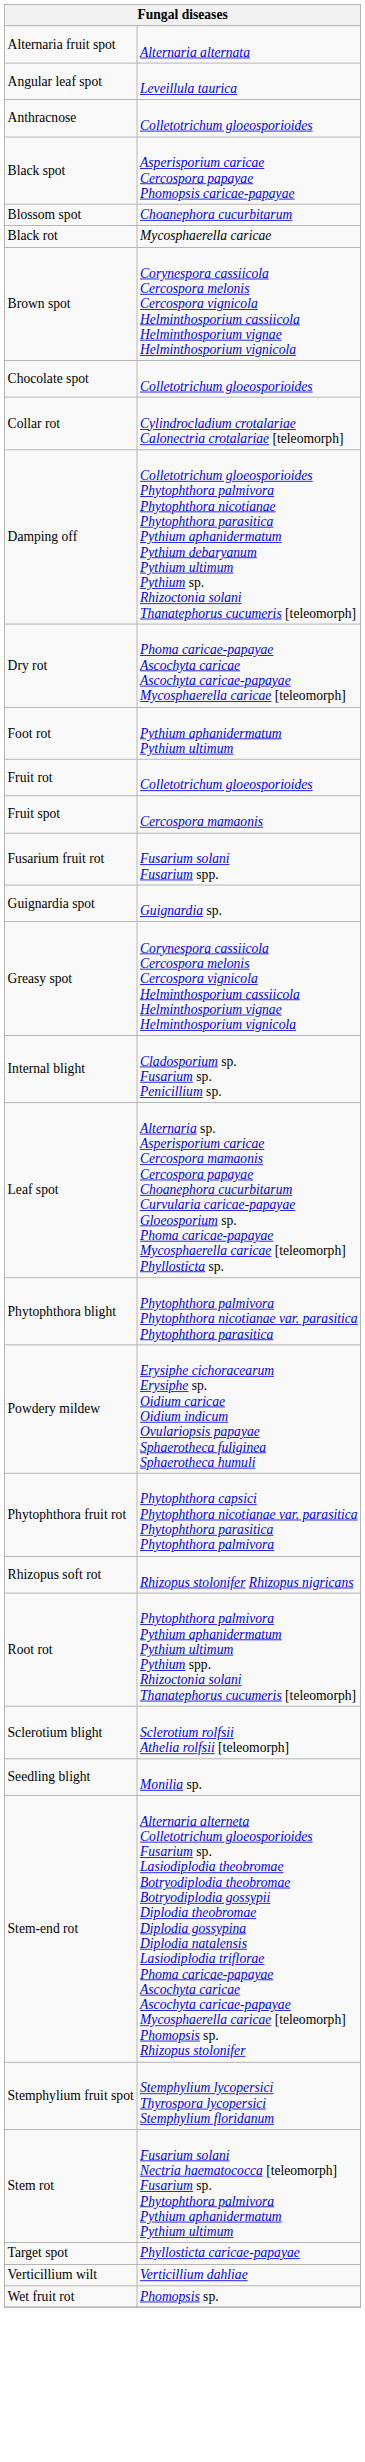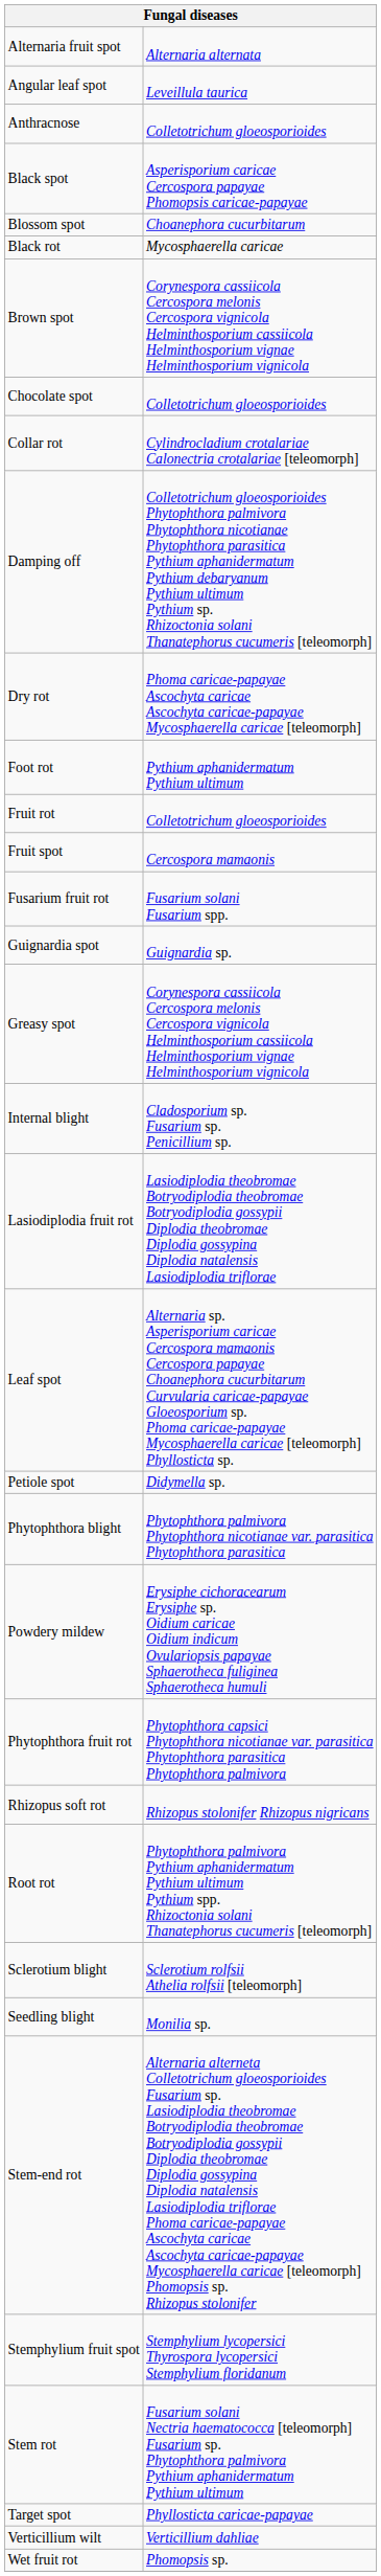 <table class="wikitable" style="clear">
 <tr>
 <th colspan=2><strong>Fungal diseases</strong><br></th>
 </tr>
 <tr>
 <td>Alternaria fruit spot</td>
 <td><br><em><a href='#'>Alternaria alternata</a></em></td>
 </tr>
 <tr>
 <td>Angular leaf spot</td>
 <td><br><em><a href='#'>Leveillula taurica</a></em></td>
 </tr>
 <tr>
 <td>Anthracnose</td>
 <td><br><em><a href='#'>Colletotrichum gloeosporioides</a></em></td>
 </tr>
 <tr>
 <td>Black spot</td>
 <td><br><em><a href='#'>Asperisporium caricae</a></em><br> <em><a href='#'>Cercospora papayae</a></em><br> <em><a href='#'>Phomopsis caricae-papayae</a></em></td>
 </tr>
 <tr>
 <td>Blossom spot</td>
 <td><em><a href='#'>Choanephora cucurbitarum</a></em></td>
 </tr>
 <tr>
 <td>Black rot</td>
 <td><em>Mycosphaerella caricae</em></td>
 </tr>
 <tr>
 <td>Brown spot</td>
 <td><br><em><a href='#'>Corynespora cassiicola</a></em> <br>  <em><a href='#'>Cercospora melonis</a></em><br>  <em><a href='#'>Cercospora vignicola</a></em> <br>  <em><a href='#'>Helminthosporium cassiicola</a></em> <br>  <em><a href='#'>Helminthosporium vignae</a></em> <br>  <em><a href='#'>Helminthosporium vignicola</a></em></td>
 </tr>
 <tr>
 <td>Chocolate spot</td>
 <td><br><em><a href='#'>Colletotrichum gloeosporioides</a></em></td>
 </tr>
 <tr>
 <td>Collar rot</td>
 <td><br><em><a href='#'>Cylindrocladium crotalariae</a></em><br> <em><a href='#'>Calonectria crotalariae</a></em> [teleomorph]</td>
 </tr>
 <tr>
 <td>Damping off</td>
 <td><br><em><a href='#'>Colletotrichum gloeosporioides</a></em><br> <em><a href='#'>Phytophthora palmivora</a></em><br> <em><a href='#'>Phytophthora nicotianae</a></em> <br> <em><a href='#'>Phytophthora parasitica</a></em><br> <em><a href='#'>Pythium aphanidermatum</a></em><br> <em><a href='#'>Pythium debaryanum</a></em><br> <em><a href='#'>Pythium ultimum</a></em><br> <em><a href='#'>Pythium</a></em> sp. <br> <em><a href='#'>Rhizoctonia solani</a></em><br> <em><a href='#'>Thanatephorus cucumeris</a></em> [teleomorph]</td>
 </tr>
 <tr>
 <td>Dry rot</td>
 <td><br><em><a href='#'>Phoma caricae-papayae</a></em> <br>  <em><a href='#'>Ascochyta caricae</a></em> <br>  <em><a href='#'>Ascochyta caricae-papayae</a></em><br>  <em><a href='#'>Mycosphaerella caricae</a></em> [teleomorph]</td>
 </tr>
 <tr>
 <td>Foot rot</td>
 <td><br><em><a href='#'>Pythium aphanidermatum</a></em><br> <em><a href='#'>Pythium ultimum</a></em></td>
 </tr>
 <tr>
 <td>Fruit rot</td>
 <td><br><em><a href='#'>Colletotrichum gloeosporioides</a></em></td>
 </tr>
 <tr>
 <td>Fruit spot</td>
 <td><br><em><a href='#'>Cercospora mamaonis</a></em></td>
 </tr>
 <tr>
 <td>Fusarium fruit rot</td>
 <td><br><em><a href='#'>Fusarium solani</a></em><br> <em><a href='#'>Fusarium</a></em> spp.</td>
 </tr>
 <tr>
 <td>Guignardia spot</td>
 <td><br><em><a href='#'>Guignardia</a></em> sp.</td>
 </tr>
 <tr>
 <td>Greasy spot</td>
 <td><br><em><a href='#'>Corynespora cassiicola</a></em> <br>  <em><a href='#'>Cercospora melonis</a></em> <br>  <em><a href='#'>Cercospora vignicola</a></em> <br>  <em><a href='#'>Helminthosporium cassiicola</a></em> <br>  <em><a href='#'>Helminthosporium vignae</a></em> <br>  <em><a href='#'>Helminthosporium vignicola</a></em></td>
 </tr>
 <tr>
 <td>Internal blight</td>
 <td><br><em><a href='#'>Cladosporium</a></em> sp. <br> <em><a href='#'>Fusarium</a></em> sp. <br> <em><a href='#'>Penicillium</a></em> sp.</td>
 </tr>
 <tr>
+<td>Lasiodiplodia fruit rot</td>
+<td><br><em><a href='#'>Lasiodiplodia theobromae</a></em> <br>  <em><a href='#'>Botryodiplodia theobromae</a></em> <br>  <em><a href='#'>Botryodiplodia gossypii</a></em> <br>  <em><a href='#'>Diplodia theobromae</a></em> <br>  <em><a href='#'>Diplodia gossypina</a></em> <br>  <em><a href='#'>Diplodia natalensis</a></em> <br>  <em><a href='#'>Lasiodiplodia triflorae</a></em></td>
+</tr>
+<tr>
 <td>Leaf spot</td>
 <td><br><em><a href='#'>Alternaria</a></em> sp. <br> <em><a href='#'>Asperisporium caricae</a></em><br> <em><a href='#'>Cercospora mamaonis</a></em><br> <em><a href='#'>Cercospora papayae</a></em><br> <em><a href='#'>Choanephora cucurbitarum</a></em><br> <em><a href='#'>Curvularia caricae-papayae</a></em><br> <em><a href='#'>Gloeosporium</a></em> sp. <br> <em><a href='#'>Phoma caricae-papayae</a></em><br> <em><a href='#'>Mycosphaerella caricae</a></em> [teleomorph]<br> <em><a href='#'>Phyllosticta</a></em> sp.</td>
+</tr>
+<tr>
+<td>Petiole spot</td>
+<td><em><a href='#'>Didymella</a></em> sp.</td>
 </tr>
 <tr>
 <td>Phytophthora blight</td>
 <td><br><em><a href='#'>Phytophthora palmivora</a></em><br> <em><a href='#'>Phytophthora nicotianae var. parasitica</a></em> <br> <em><a href='#'>Phytophthora parasitica</a></em></td>
 </tr>
 <tr>
 <td>Powdery mildew</td>
 <td><br><em><a href='#'>Erysiphe cichoracearum</a></em><br> <em><a href='#'>Erysiphe</a></em> sp. <br> <em><a href='#'>Oidium caricae</a></em><br> <em><a href='#'>Oidium indicum</a></em><br> <em><a href='#'>Ovulariopsis papayae</a></em><br> <em><a href='#'>Sphaerotheca fuliginea</a></em><br> <em><a href='#'>Sphaerotheca humuli</a></em></td>
 </tr>
 <tr>
 <td>Phytophthora fruit rot</td>
 <td><br><em><a href='#'>Phytophthora capsici</a></em><br> <em><a href='#'>Phytophthora nicotianae var. parasitica</a></em> <br> <em><a href='#'>Phytophthora parasitica</a></em><br> <em><a href='#'>Phytophthora palmivora</a></em></td>
 </tr>
 <tr>
 <td>Rhizopus soft rot</td>
 <td><br><em><a href='#'>Rhizopus stolonifer</a></em>  <em><a href='#'>Rhizopus nigricans</a></em></td>
 </tr>
 <tr>
 <td>Root rot</td>
 <td><br><em><a href='#'>Phytophthora palmivora</a></em><br> <em><a href='#'>Pythium aphanidermatum</a></em><br> <em><a href='#'>Pythium ultimum</a></em><br> <em><a href='#'>Pythium</a></em> spp. <br> <em><a href='#'>Rhizoctonia solani</a></em><br> <em><a href='#'>Thanatephorus cucumeris</a></em> [teleomorph]</td>
 </tr>
 <tr>
 <td>Sclerotium blight</td>
 <td><br><em><a href='#'>Sclerotium rolfsii</a></em><br> <em><a href='#'>Athelia rolfsii</a></em> [teleomorph]</td>
 </tr>
 <tr>
 <td>Seedling blight</td>
 <td><br><em><a href='#'>Monilia</a></em> sp.</td>
 </tr>
 <tr>
 <td>Stem-end rot</td>
 <td><br><em><a href='#'>Alternaria alterneta</a></em><br> <em><a href='#'>Colletotrichum gloeosporioides</a></em><br> <em><a href='#'>Fusarium</a></em> sp. <br> <em><a href='#'>Lasiodiplodia theobromae</a></em> <br>  <em><a href='#'>Botryodiplodia theobromae</a></em> <br>  <em><a href='#'>Botryodiplodia gossypii</a></em> <br>  <em><a href='#'>Diplodia theobromae</a></em> <br>  <em><a href='#'>Diplodia gossypina</a></em> <br>  <em><a href='#'>Diplodia natalensis</a></em> <br>  <em><a href='#'>Lasiodiplodia triflorae</a></em><br>  <em><a href='#'>Phoma caricae-papayae</a></em> <br>  <em><a href='#'>Ascochyta caricae</a></em> <br>  <em><a href='#'>Ascochyta caricae-papayae</a></em><br> <em><a href='#'>Mycosphaerella caricae</a></em> [teleomorph]<br> <em><a href='#'>Phomopsis</a></em> sp. <br> <em><a href='#'>Rhizopus stolonifer</a></em></td>
 </tr>
 <tr>
 <td>Stemphylium fruit spot</td>
 <td><br><em><a href='#'>Stemphylium lycopersici</a></em> <br>  <em><a href='#'>Thyrospora lycopersici</a></em> <br>  <em><a href='#'>Stemphylium floridanum</a></em></td>
 </tr>
 <tr>
 <td>Stem rot</td>
 <td><br><em><a href='#'>Fusarium solani</a></em><br> <em><a href='#'>Nectria haematococca</a></em> [teleomorph]<br> <em><a href='#'>Fusarium</a></em> sp. <br> <em><a href='#'>Phytophthora palmivora</a></em><br> <em><a href='#'>Pythium aphanidermatum</a></em><br> <em><a href='#'>Pythium ultimum</a></em></td>
 </tr>
 <tr>
 <td>Target spot</td>
 <td><em><a href='#'>Phyllosticta caricae-papayae</a></em></td>
 </tr>
 <tr>
 <td>Verticillium wilt</td>
 <td><em><a href='#'>Verticillium dahliae</a></em></td>
 </tr>
 <tr>
 <td>Wet fruit rot</td>
 <td><em><a href='#'>Phomopsis</a></em> sp.</td>
 </tr>
 <tr>
 </tr>
 </table>
